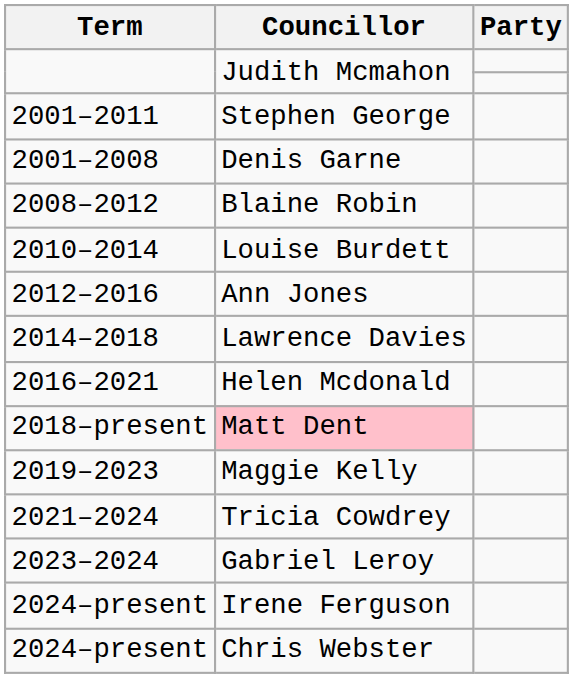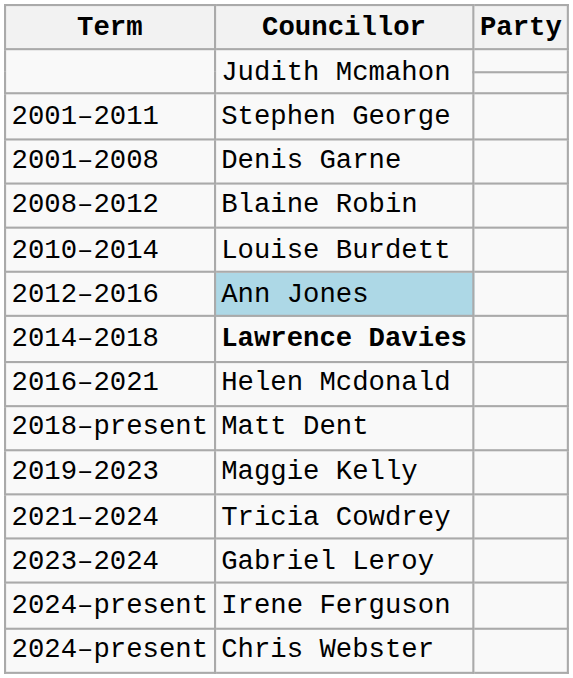 <table class="wikitable">
 <tr>
 <th>Term</th>
 <th>Councillor</th>
 <th colspan=2>Party</th>
 </tr>
 <tr>
 <td rowspan=2></td>
 <td rowspan=2>Judith Mcmahon</td>
 <td></td>
 </tr>
 <tr>
 <td></td>
 </tr>
 <tr>
 <td>2001–2011</td>
 <td>Stephen George</td>
 <td></td>
 </tr>
 <tr>
 <td>2001–2008</td>
 <td>Denis Garne</td>
 <td></td>
 </tr>
 <tr>
 <td>2008–2012</td>
 <td>Blaine Robin</td>
 <td></td>
 </tr>
 <tr>
 <td>2010–2014</td>
 <td>Louise Burdett</td>
 <td></td>
 </tr>
 <tr>
 <td>2012–2016</td>
-<td>Ann Jones</td>
+<td style="background: lightblue;">Ann Jones</td>
 <td></td>
 </tr>
 <tr>
 <td>2014–2018</td>
-<td>Lawrence Davies</td>
+<td><strong>Lawrence Davies</strong></td>
 <td></td>
 </tr>
 <tr>
 <td>2016–2021</td>
 <td>Helen Mcdonald</td>
 <td></td>
 </tr>
 <tr>
 <td>2018–present</td>
-<td style="background: pink;">Matt Dent</td>
+<td>Matt Dent</td>
 <td></td>
 </tr>
 <tr>
 <td>2019–2023</td>
 <td>Maggie Kelly</td>
 <td></td>
 </tr>
 <tr>
 <td>2021–2024</td>
 <td>Tricia Cowdrey</td>
 <td></td>
 </tr>
 <tr>
 <td>2023–2024</td>
 <td>Gabriel Leroy</td>
 <td></td>
 </tr>
 <tr>
 <td>2024–present</td>
 <td>Irene Ferguson</td>
 <td></td>
 </tr>
 <tr>
 <td>2024–present</td>
 <td>Chris Webster</td>
 <td></td>
 </tr>
 </table>
